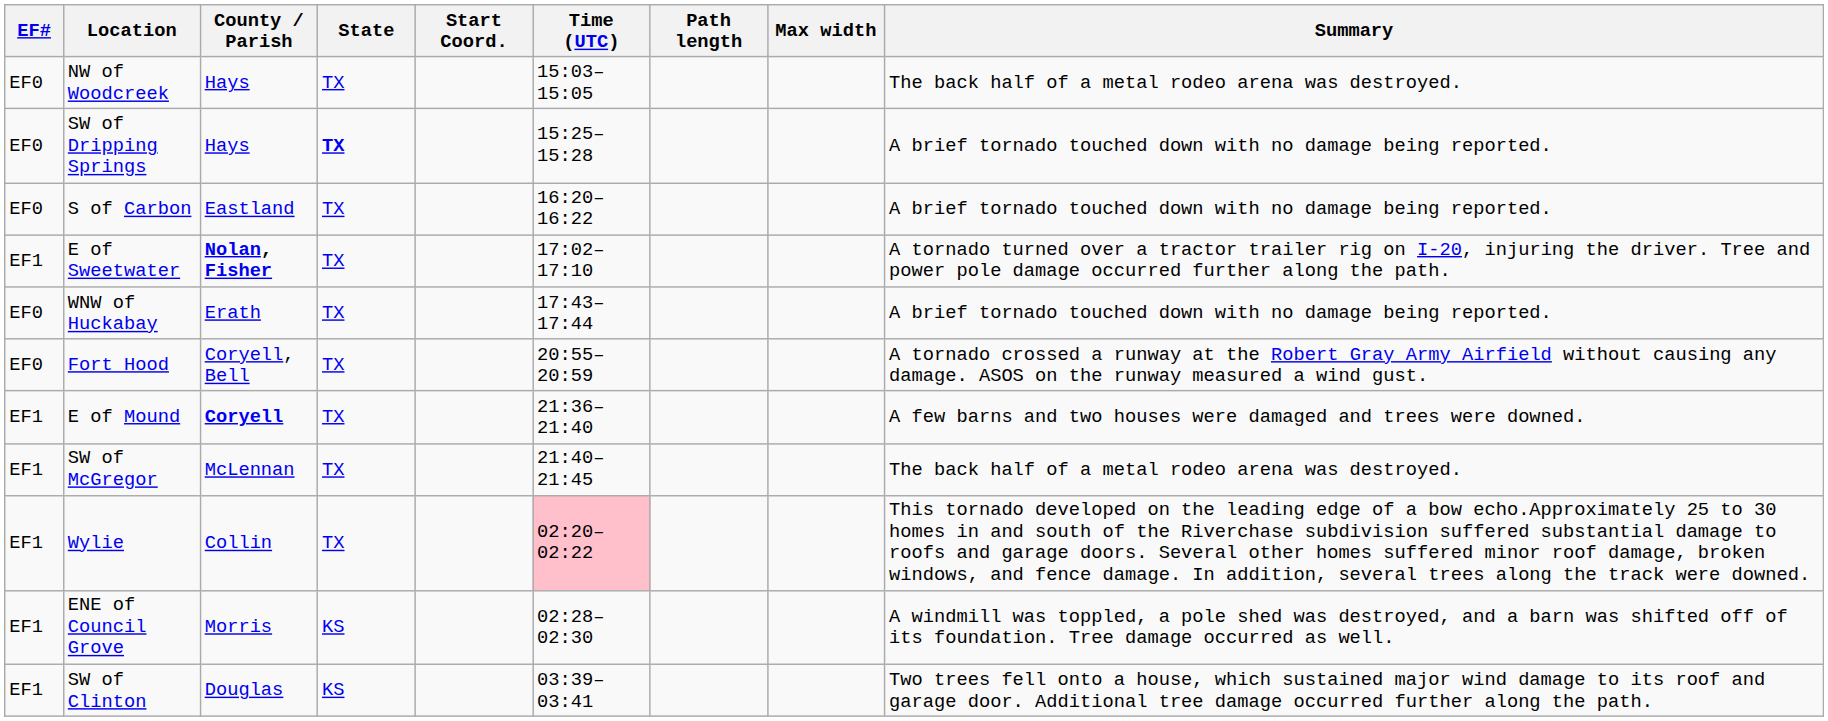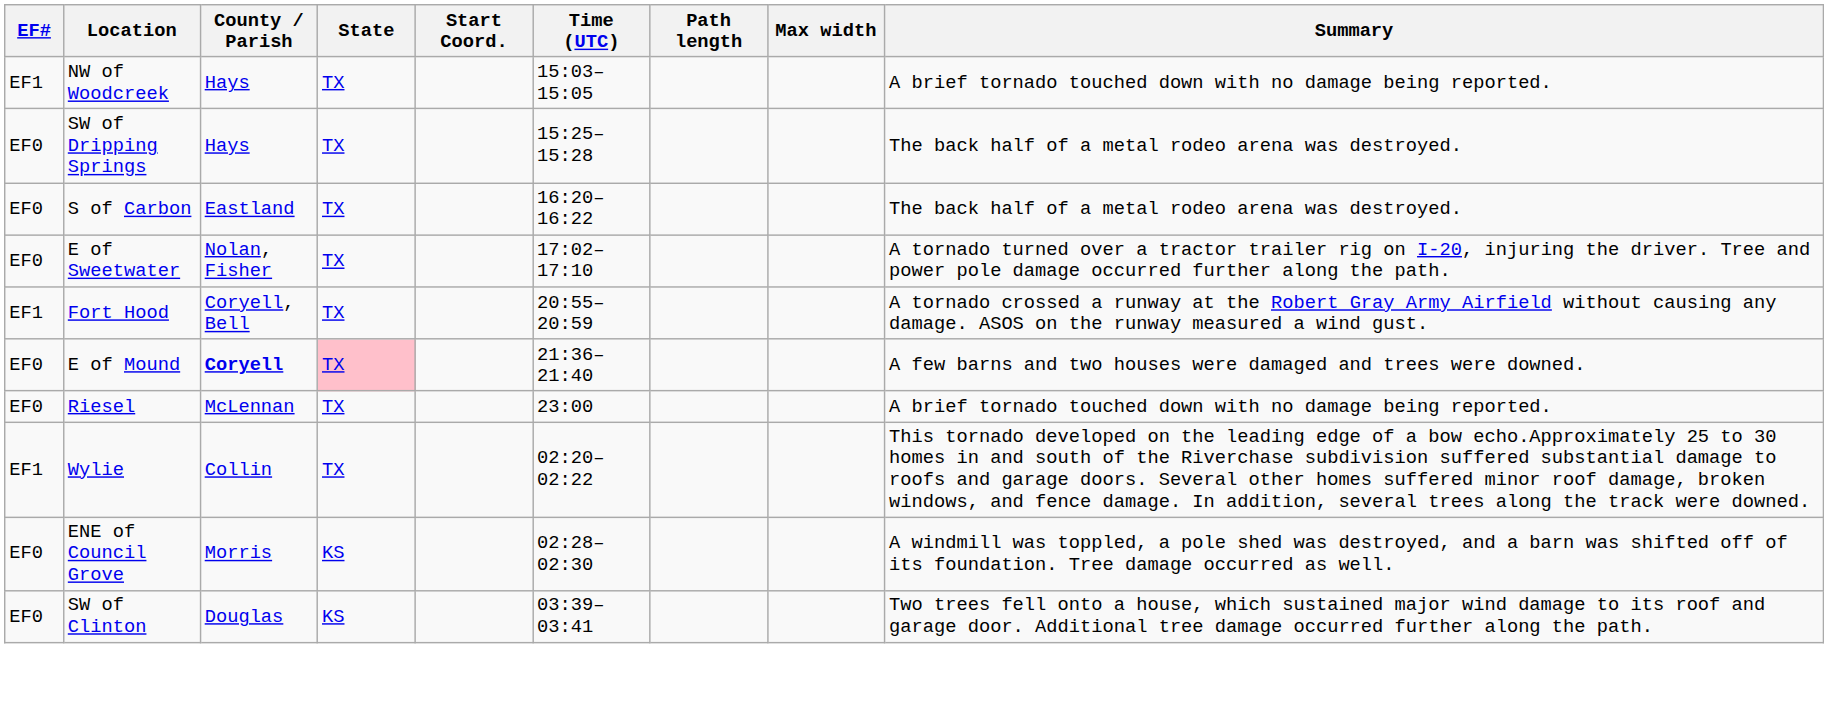 <table class="wikitable sortable" style="width:100%;">
 <tr>
 <th scope="col"  style="width:3%; text-align:center;"><a href='#'>EF#</a></th>
 <th scope="col"  style="width:7%; text-align:center;" class="unsortable">Location</th>
 <th scope="col"  style="width:6%; text-align:center;" class="unsortable">County / Parish</th>
 <th scope="col"  style="width:5%; text-align:center;">State</th>
 <th scope="col"  style="width:6%; text-align:center;">Start Coord.</th>
 <th scope="col"  style="width:6%; text-align:center;">Time (<a href='#'>UTC</a>)</th>
 <th scope="col"  style="width:6%; text-align:center;">Path length</th>
 <th scope="col"  style="width:6%; text-align:center;">Max width</th>
 <th scope="col" class="unsortable" style="width:48%; text-align:center;">Summary</th>
 </tr>
 <tr>
-<td>EF0</td>
+<td>EF1</td>
 <td>NW of <a href='#'>Woodcreek</a></td>
 <td><a href='#'>Hays</a></td>
 <td><a href='#'>TX</a></td>
 <td></td>
 <td>15:03–15:05</td>
 <td></td>
 <td></td>
-<td>The back half of a metal rodeo arena was destroyed.</td>
+<td>A brief tornado touched down with no damage being reported.</td>
 </tr>
 <tr>
 <td>EF0</td>
 <td>SW of <a href='#'>Dripping Springs</a></td>
 <td><a href='#'>Hays</a></td>
-<td><strong><a href='#'>TX</a></strong></td>
+<td><a href='#'>TX</a></td>
 <td></td>
 <td>15:25–15:28</td>
 <td></td>
 <td></td>
-<td>A brief tornado touched down with no damage being reported.</td>
+<td>The back half of a metal rodeo arena was destroyed.</td>
 </tr>
 <tr>
 <td>EF0</td>
 <td>S of <a href='#'>Carbon</a></td>
 <td><a href='#'>Eastland</a></td>
 <td><a href='#'>TX</a></td>
 <td></td>
 <td>16:20–16:22</td>
 <td></td>
 <td></td>
-<td>A brief tornado touched down with no damage being reported.</td>
+<td>The back half of a metal rodeo arena was destroyed.</td>
 </tr>
 <tr>
-<td>EF1</td>
+<td>EF0</td>
 <td>E of <a href='#'>Sweetwater</a></td>
-<td><strong><a href='#'>Nolan</a>, <a href='#'>Fisher</a></strong></td>
+<td><a href='#'>Nolan</a>, <a href='#'>Fisher</a></td>
 <td><a href='#'>TX</a></td>
 <td></td>
 <td>17:02–17:10</td>
 <td></td>
 <td></td>
 <td>A tornado turned over a tractor trailer rig on <a href='#'>I-20</a>, injuring the driver. Tree and power pole damage occurred further along the path.</td>
 </tr>
 <tr>
-<td>EF0</td>
-<td>WNW of <a href='#'>Huckabay</a></td>
-<td><a href='#'>Erath</a></td>
-<td><a href='#'>TX</a></td>
-<td></td>
-<td>17:43–17:44</td>
-<td></td>
-<td></td>
-<td>A brief tornado touched down with no damage being reported.</td>
-</tr>
-<tr>
-<td>EF0</td>
+<td>EF1</td>
 <td><a href='#'>Fort Hood</a></td>
 <td><a href='#'>Coryell</a>, <a href='#'>Bell</a></td>
 <td><a href='#'>TX</a></td>
 <td></td>
 <td>20:55–20:59</td>
 <td></td>
 <td></td>
 <td>A tornado crossed a runway at the <a href='#'>Robert Gray Army Airfield</a> without causing any damage. ASOS on the runway measured a  wind gust.</td>
 </tr>
 <tr>
-<td>EF1</td>
+<td>EF0</td>
 <td>E of <a href='#'>Mound</a></td>
 <td><strong><a href='#'>Coryell</a></strong></td>
-<td><a href='#'>TX</a></td>
+<td style="background: pink;"><a href='#'>TX</a></td>
 <td></td>
 <td>21:36–21:40</td>
 <td></td>
 <td></td>
 <td>A few barns and two houses were damaged and trees were downed.</td>
 </tr>
 <tr>
-<td>EF1</td>
-<td>SW of <a href='#'>McGregor</a></td>
+<td>EF0</td>
+<td><a href='#'>Riesel</a></td>
 <td><a href='#'>McLennan</a></td>
 <td><a href='#'>TX</a></td>
 <td></td>
-<td>21:40–21:45</td>
+<td>23:00</td>
 <td></td>
 <td></td>
-<td>The back half of a metal rodeo arena was destroyed.</td>
+<td>A brief tornado touched down with no damage being reported.</td>
 </tr>
 <tr>
 <td>EF1</td>
 <td><a href='#'>Wylie</a></td>
 <td><a href='#'>Collin</a></td>
 <td><a href='#'>TX</a></td>
 <td></td>
-<td style="background: pink;">02:20–02:22</td>
+<td>02:20–02:22</td>
 <td></td>
 <td></td>
 <td>This tornado developed on the leading edge of a bow echo.Approximately 25 to 30 homes in and south of the Riverchase subdivision suffered substantial damage to roofs and garage doors. Several other homes suffered minor roof damage, broken windows, and fence damage. In addition, several trees along the track were downed.</td>
 </tr>
 <tr>
-<td>EF1</td>
+<td>EF0</td>
 <td>ENE of <a href='#'>Council Grove</a></td>
 <td><a href='#'>Morris</a></td>
 <td><a href='#'>KS</a></td>
 <td></td>
 <td>02:28–02:30</td>
 <td></td>
 <td></td>
 <td>A windmill was toppled, a pole shed was destroyed, and a barn was shifted off of its foundation. Tree damage occurred as well.</td>
 </tr>
 <tr>
-<td>EF1</td>
+<td>EF0</td>
 <td>SW of <a href='#'>Clinton</a></td>
 <td><a href='#'>Douglas</a></td>
 <td><a href='#'>KS</a></td>
 <td></td>
 <td>03:39–03:41</td>
 <td></td>
 <td></td>
 <td>Two trees fell onto a house, which sustained major wind damage to its roof and garage door. Additional tree damage occurred further along the path.</td>
 </tr>
 </table>
